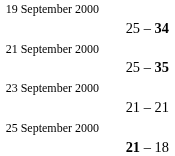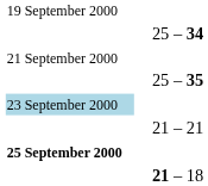 <table style="text-align:center" width=400>
 <tr>
 <th width=15%></th>
 <th width=10%></th>
 <th width=15%></th>
 <th width=10%></th>
 </tr>
 <tr align="left">
 <td><small>19 September 2000</small></td>
 </tr>
 <tr>
 <td align="right"></td>
 <td>25 – <strong>34</strong></td>
 <td align="left"><strong></strong></td>
 <td></td>
 </tr>
 <tr align="left">
 <td><small>21 September 2000</small></td>
 </tr>
 <tr>
 <td align="right"></td>
 <td>25 – <strong>35</strong></td>
 <td align="left"><strong></strong></td>
 <td></td>
 </tr>
 <tr align="left">
-<td><small>23 September 2000</small></td>
+<td style="background: lightblue;"><small>23 September 2000</small></td>
 </tr>
 <tr>
 <td align="right"></td>
 <td>21 – 21</td>
 <td align="left"></td>
 <td></td>
 </tr>
 <tr align="left">
-<td><small>25 September 2000</small></td>
+<td><strong><small>25 September 2000</small></strong></td>
 </tr>
 <tr>
 <td align="right"><strong></strong></td>
 <td><strong>21</strong> – 18</td>
 <td align="left"></td>
 <td></td>
 </tr>
 </table>
